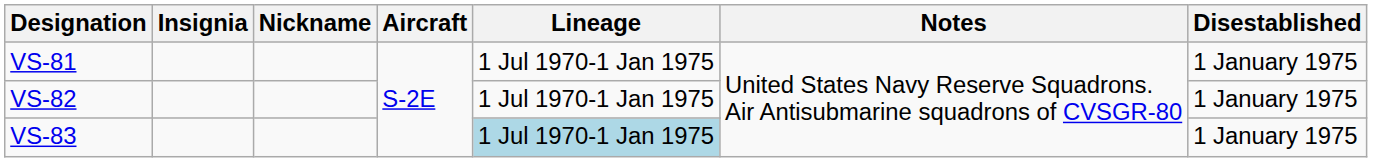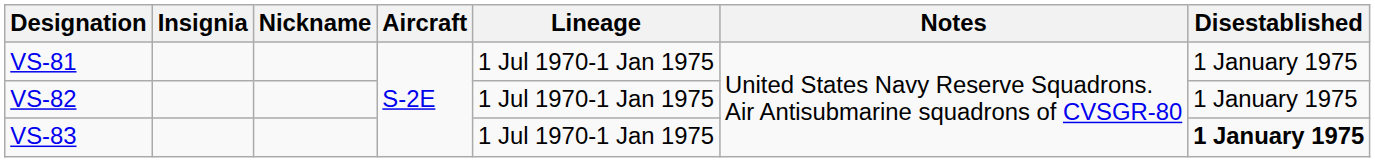 <table class="wikitable">
 <tr>
 <th>Designation</th>
 <th>Insignia</th>
 <th>Nickname</th>
 <th>Aircraft</th>
 <th>Lineage</th>
 <th>Notes</th>
 <th>Disestablished</th>
 </tr>
 <tr>
 <td><a href='#'>VS-81</a></td>
 <td></td>
 <td></td>
 <td rowspan="3"><a href='#'>S-2E</a></td>
 <td>1 Jul 1970-1 Jan 1975</td>
 <td rowspan="3">United States Navy Reserve Squadrons.<br>Air Antisubmarine squadrons of <a href='#'>CVSGR-80</a></td>
 <td>1 January 1975</td>
 </tr>
 <tr>
 <td><a href='#'>VS-82</a></td>
 <td></td>
 <td></td>
 <td>1 Jul 1970-1 Jan 1975</td>
 <td>1 January 1975</td>
 </tr>
 <tr>
 <td><a href='#'>VS-83</a></td>
 <td></td>
 <td></td>
-<td style="background: lightblue;">1 Jul 1970-1 Jan 1975</td>
-<td>1 January 1975</td>
+<td>1 Jul 1970-1 Jan 1975</td>
+<td><strong>1 January 1975</strong></td>
 </tr>
 </table>
